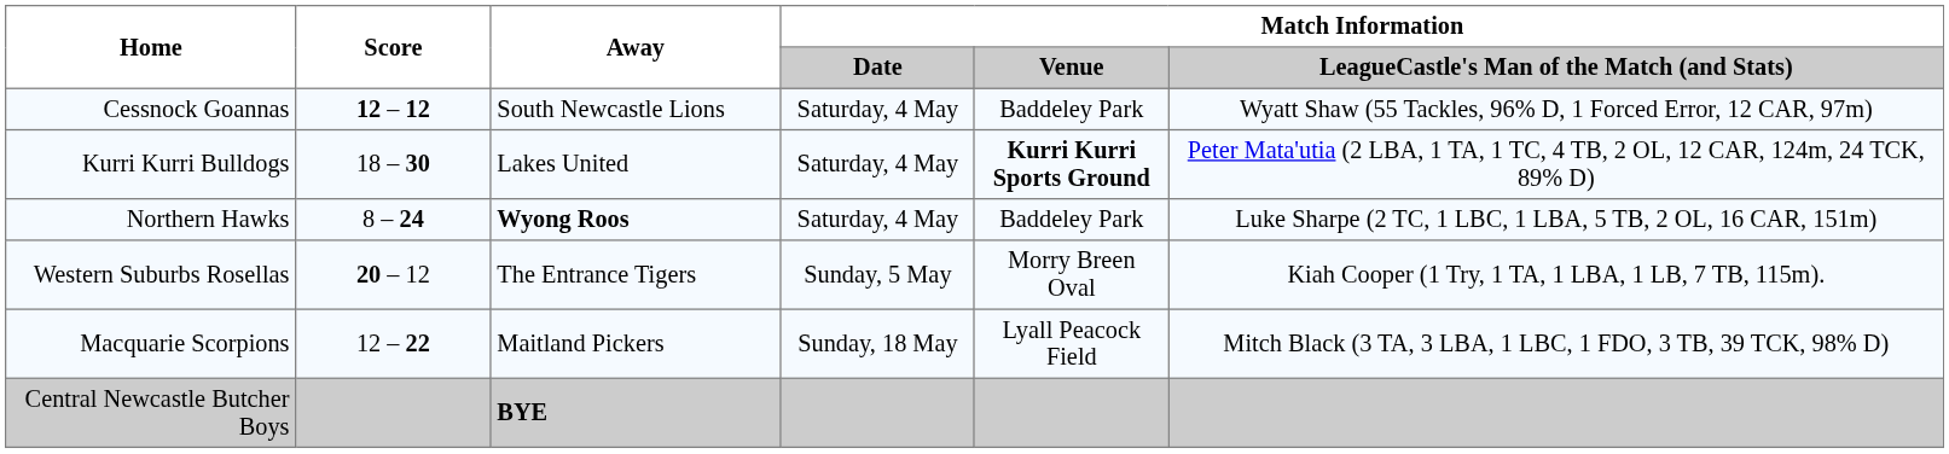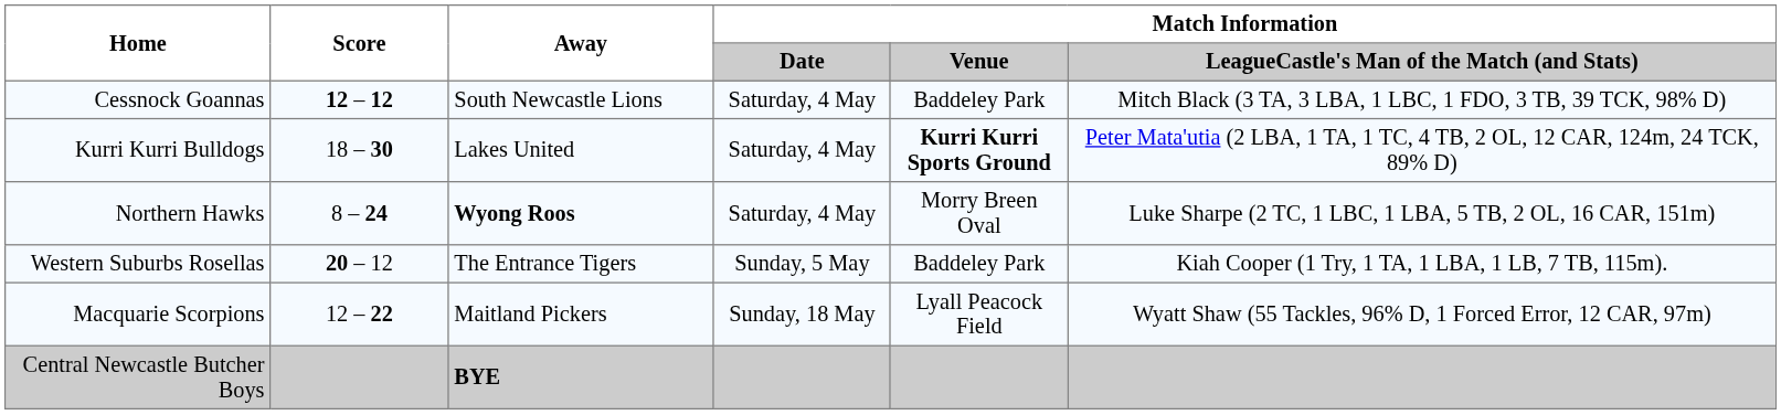 <table width="100%" cellspacing="0" cellpadding="4" border="1" style="border-collapse:collapse;  text-align:center;">
 <tr>
 <th rowspan="2" width="15%">Home</th>
 <th rowspan="2" width="10%">Score</th>
 <th rowspan="2" width="15%">Away</th>
 <th colspan="4">Match Information</th>
 </tr>
 <tr style="background:#CCCCCC">
 <th width="10%">Date</th>
 <th width="10%">Venue</th>
 <th width="40%">LeagueCastle's Man of the Match (and Stats)</th>
 </tr>
 <tr style="text-align:center; background:#f5faff;">
 <td align="right"> Cessnock Goannas</td>
 <td><strong>12</strong> – <strong>12</strong></td>
 <td align="left"> South Newcastle Lions</td>
 <td>Saturday, 4 May</td>
 <td>Baddeley Park</td>
-<td>Wyatt Shaw  (55 Tackles, 96% D, 1 Forced Error, 12 CAR, 97m)</td>
+<td>Mitch Black  (3 TA, 3 LBA, 1 LBC, 1 FDO, 3 TB, 39 TCK, 98% D)</td>
 </tr>
 <tr style="text-align:center; background:#f5faff;">
 <td align="right"> Kurri Kurri Bulldogs</td>
 <td>18 – <strong>30</strong></td>
 <td align="left"> Lakes United</td>
 <td>Saturday, 4 May</td>
 <td><strong>Kurri Kurri Sports Ground</strong></td>
 <td><a href='#'>Peter Mata'utia</a> (2 LBA, 1 TA, 1 TC, 4 TB, 2 OL, 12 CAR, 124m, 24 TCK, 89% D)</td>
 </tr>
 <tr style="text-align:center; background:#f5faff;">
 <td align="right"> Northern Hawks</td>
 <td>8 – <strong>24</strong></td>
 <td align="left"><strong> Wyong Roos</strong></td>
 <td>Saturday, 4 May</td>
-<td>Baddeley Park</td>
+<td>Morry Breen Oval</td>
 <td>Luke Sharpe  (2 TC, 1 LBC, 1 LBA, 5 TB, 2 OL, 16 CAR, 151m)</td>
 </tr>
 <tr style="text-align:center; background:#f5faff;">
 <td align="right"> Western Suburbs Rosellas</td>
 <td><strong>20</strong> – 12</td>
 <td align="left"> The Entrance Tigers</td>
 <td>Sunday, 5 May</td>
-<td>Morry Breen Oval</td>
+<td>Baddeley Park</td>
 <td>Kiah Cooper  (1 Try, 1 TA, 1 LBA, 1 LB, 7 TB, 115m).</td>
 </tr>
 <tr style="text-align:center; background:#f5faff;">
 <td align="right"> Macquarie Scorpions</td>
 <td>12 – <strong>22</strong></td>
 <td align="left"> Maitland Pickers</td>
 <td>Sunday, 18 May</td>
 <td>Lyall Peacock Field</td>
-<td>Mitch Black  (3 TA, 3 LBA, 1 LBC, 1 FDO, 3 TB, 39 TCK, 98% D)</td>
+<td>Wyatt Shaw  (55 Tackles, 96% D, 1 Forced Error, 12 CAR, 97m)</td>
 </tr>
 <tr style="text-align:center; background:#CCCCCC;">
 <td align="right"> Central Newcastle Butcher Boys</td>
 <td></td>
 <td align="left"><strong>BYE</strong></td>
 <td></td>
 <td></td>
 <td></td>
 </tr>
 </table>
